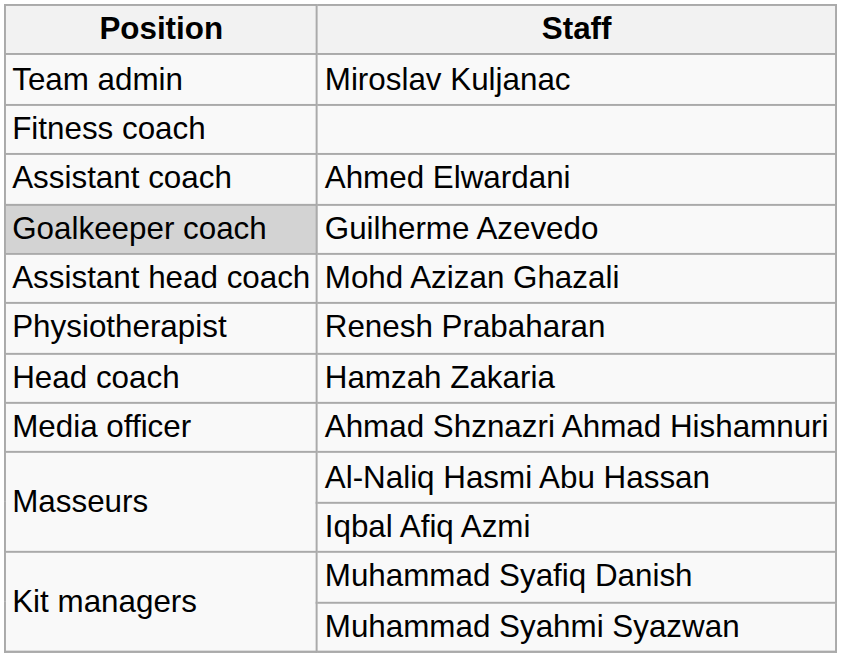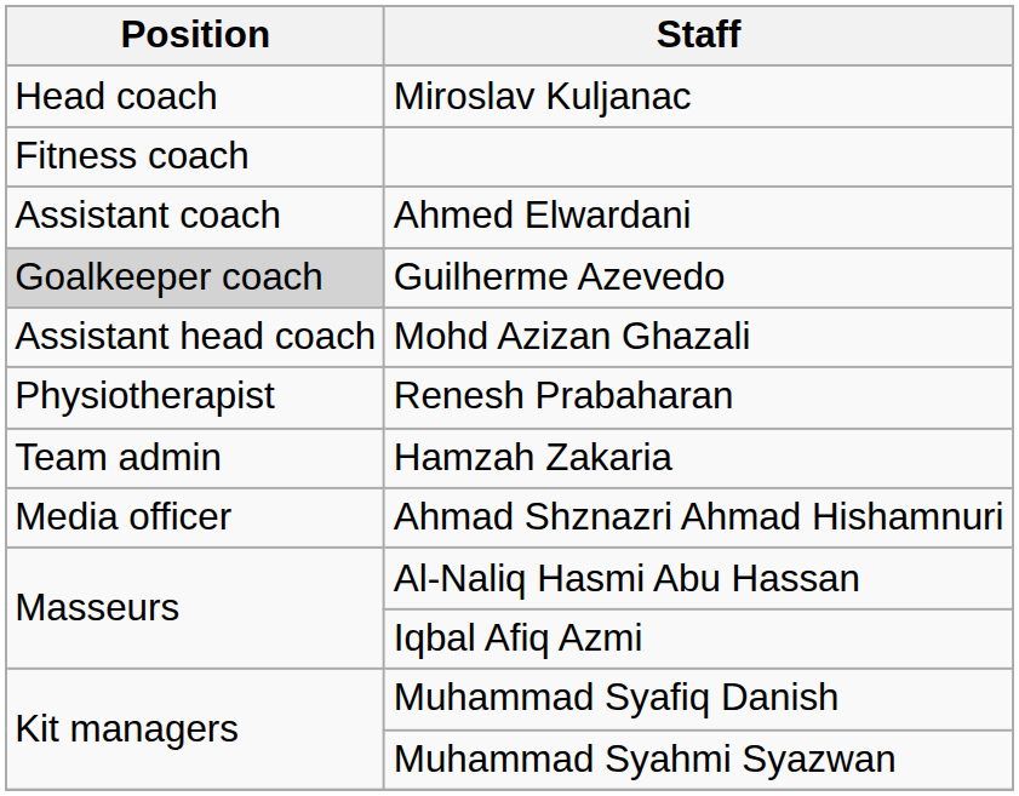 <table class="wikitable">
 <tr>
 <th>Position</th>
 <th>Staff</th>
 </tr>
 <tr>
-<td>Team admin</td>
+<td>Head coach</td>
 <td> Miroslav Kuljanac</td>
 </tr>
 <tr>
 <td>Fitness coach</td>
 <td></td>
 </tr>
 <tr>
 <td>Assistant coach</td>
 <td> Ahmed Elwardani</td>
 </tr>
 <tr>
 <td style="background: lightgrey;">Goalkeeper coach</td>
 <td> Guilherme Azevedo</td>
 </tr>
 <tr>
 <td>Assistant head coach</td>
 <td> Mohd Azizan Ghazali</td>
 </tr>
 <tr>
 <td>Physiotherapist</td>
 <td> Renesh Prabaharan</td>
 </tr>
 <tr>
-<td>Head coach</td>
+<td>Team admin</td>
 <td> Hamzah Zakaria</td>
 </tr>
 <tr>
 <td>Media officer</td>
 <td> Ahmad Shznazri Ahmad Hishamnuri</td>
 </tr>
 <tr>
 <td rowspan=2>Masseurs</td>
 <td> Al-Naliq Hasmi Abu Hassan</td>
 </tr>
 <tr>
 <td> Iqbal Afiq Azmi</td>
 </tr>
 <tr>
 <td rowspan=2>Kit managers</td>
 <td> Muhammad Syafiq Danish</td>
 </tr>
 <tr>
 <td> Muhammad Syahmi Syazwan</td>
 </tr>
 <tr>
 </tr>
 </table>
